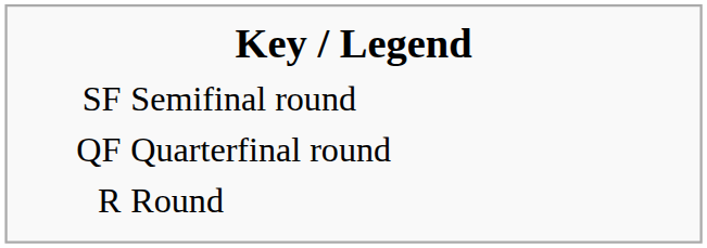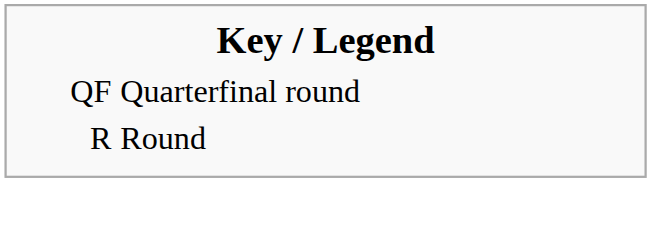 <table class="infobox" style="width: 20em; font-size: 90%">
 <tr>
 <th colspan="2" style="text-align: center; font-size: larger;"><strong>Key / Legend</strong></th>
-</tr>
-<tr>
-<td style="text-align: right;">SF</td>
-<td>Semifinal round</td>
 </tr>
 <tr>
 <td style="text-align: right;">QF</td>
 <td>Quarterfinal round</td>
 </tr>
 <tr>
 <td style="text-align: right;">R</td>
 <td>Round</td>
 </tr>
 <tr>
 </tr>
 </table>
